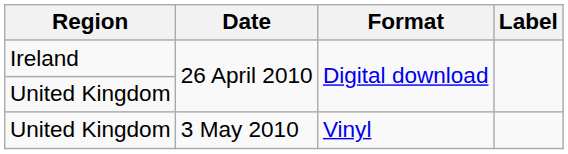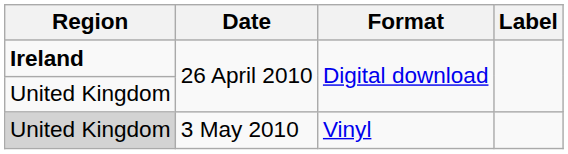 <table class=wikitable>
 <tr>
 <th>Region</th>
 <th>Date</th>
 <th>Format</th>
 <th>Label</th>
 </tr>
 <tr>
-<td>Ireland</td>
+<td><strong>Ireland</strong></td>
 <td rowspan="2">26 April 2010</td>
 <td rowspan="2"><a href='#'>Digital download</a></td>
 <td rowspan="2"></td>
 </tr>
 <tr>
 <td>United Kingdom</td>
 </tr>
 <tr>
-<td>United Kingdom</td>
+<td style="background: lightgrey;">United Kingdom</td>
 <td rowspan="2">3 May 2010</td>
 <td rowspan="2"><a href='#'>Vinyl</a></td>
 <td rowspan="2"></td>
 </tr>
 </table>
